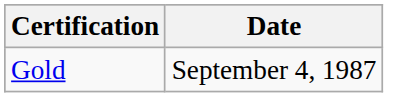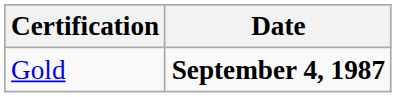 <table class="wikitable">
 <tr>
 <th>Certification</th>
 <th>Date</th>
 </tr>
 <tr>
 <td><a href='#'>Gold</a></td>
-<td>September 4, 1987</td>
+<td><strong>September 4, 1987</strong></td>
 </tr>
 </table>
